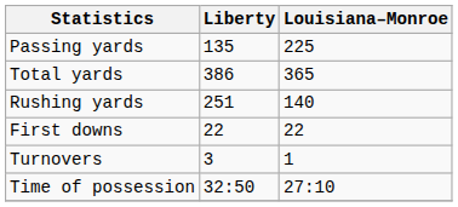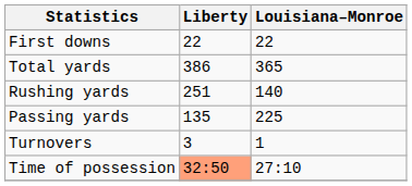 <table class="wikitable">
 <tr>
 <th>Statistics</th>
 <th>Liberty</th>
 <th>Louisiana–Monroe</th>
 </tr>
 <tr>
-<td>Passing yards</td>
-<td>135</td>
-<td>225</td>
+<td>First downs</td>
+<td>22</td>
+<td>22</td>
 </tr>
 <tr>
 <td>Total yards</td>
 <td>386</td>
 <td>365</td>
 </tr>
 <tr>
 <td>Rushing yards</td>
 <td>251</td>
 <td>140</td>
 </tr>
 <tr>
-<td>First downs</td>
-<td>22</td>
-<td>22</td>
+<td>Passing yards</td>
+<td>135</td>
+<td>225</td>
 </tr>
 <tr>
 <td>Turnovers</td>
 <td>3</td>
 <td>1</td>
 </tr>
 <tr>
 <td>Time of possession</td>
-<td>32:50</td>
+<td style="background: lightsalmon;">32:50</td>
 <td>27:10</td>
 </tr>
 <tr>
 </tr>
 </table>
